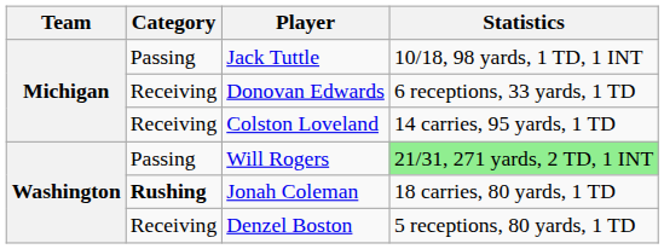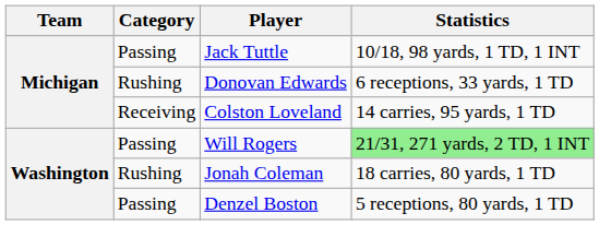 <table class="wikitable" style="float:right">
 <tr>
 <th>Team</th>
 <th>Category</th>
 <th>Player</th>
 <th>Statistics</th>
 </tr>
 <tr>
 <th rowspan=3>Michigan</th>
 <td>Passing</td>
 <td><a href='#'>Jack Tuttle</a></td>
 <td>10/18, 98 yards, 1 TD, 1 INT</td>
 </tr>
 <tr>
-<td>Receiving</td>
+<td>Rushing</td>
 <td><a href='#'>Donovan Edwards</a></td>
 <td>6 receptions, 33 yards, 1 TD</td>
 </tr>
 <tr>
 <td>Receiving</td>
 <td><a href='#'>Colston Loveland</a></td>
 <td>14 carries, 95 yards, 1 TD</td>
 </tr>
 <tr>
 <th rowspan=3>Washington</th>
 <td>Passing</td>
 <td><a href='#'>Will Rogers</a></td>
 <td style="background: lightgreen;">21/31, 271 yards, 2 TD, 1 INT</td>
 </tr>
 <tr>
-<td><strong>Rushing</strong></td>
+<td>Rushing</td>
 <td><a href='#'>Jonah Coleman</a></td>
 <td>18 carries, 80 yards, 1 TD</td>
 </tr>
 <tr>
-<td>Receiving</td>
+<td>Passing</td>
 <td><a href='#'>Denzel Boston</a></td>
 <td>5 receptions, 80 yards, 1 TD</td>
 </tr>
 </table>
